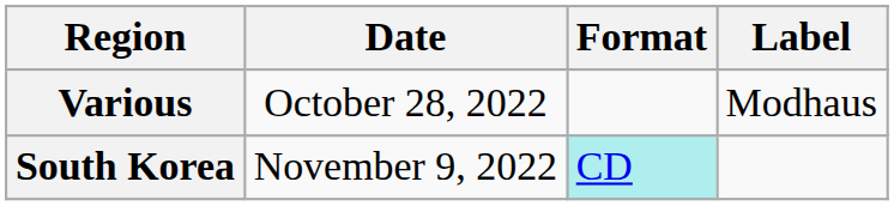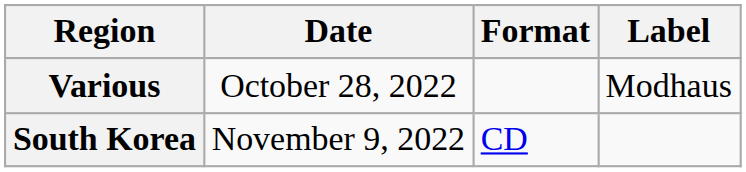 <table class="wikitable plainrowheaders">
 <tr>
 <th scope="col">Region</th>
 <th scope="col">Date</th>
 <th scope="col">Format</th>
 <th scope="col">Label</th>
 </tr>
 <tr>
 <th scope="row">Various</th>
 <td style="text-align:center;" rowspan=2>October 28, 2022</td>
 <td rowspan=2></td>
 <td rowspan=2>Modhaus</td>
 </tr>
 <tr>
 <th scope="row" rowspan="2">South Korea</th>
 </tr>
 <tr>
 <td style="text-align:center;">November 9, 2022</td>
-<td style="background: paleturquoise;"><a href='#'>CD</a></td>
+<td><a href='#'>CD</a></td>
 <td></td>
 </tr>
 </table>
